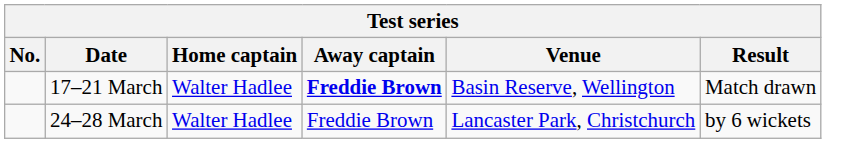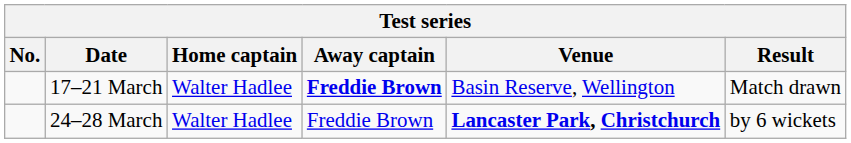 <table class="wikitable">
 <tr>
 <th colspan="9">Test series</th>
 </tr>
 <tr>
 <th>No.</th>
 <th>Date</th>
 <th>Home captain</th>
 <th>Away captain</th>
 <th>Venue</th>
 <th>Result</th>
 </tr>
 <tr>
 <td></td>
 <td>17–21 March</td>
 <td><a href='#'>Walter Hadlee</a></td>
 <td><strong><a href='#'>Freddie Brown</a></strong></td>
 <td><a href='#'>Basin Reserve</a>, <a href='#'>Wellington</a></td>
 <td>Match drawn</td>
 </tr>
 <tr>
 <td></td>
 <td>24–28 March</td>
 <td><a href='#'>Walter Hadlee</a></td>
 <td><a href='#'>Freddie Brown</a></td>
-<td><a href='#'>Lancaster Park</a>, <a href='#'>Christchurch</a></td>
+<td><strong><a href='#'>Lancaster Park</a>, <a href='#'>Christchurch</a></strong></td>
 <td> by 6 wickets</td>
 </tr>
 </table>
